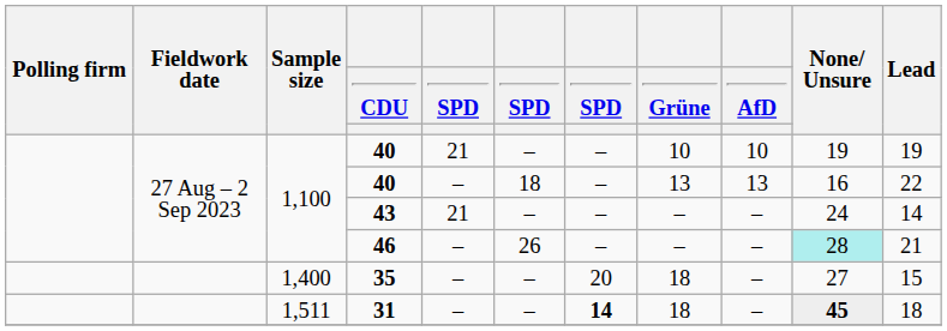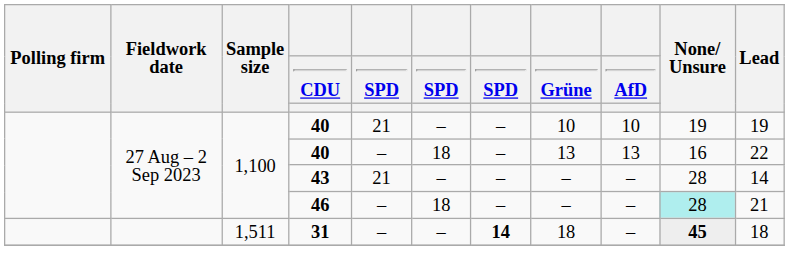 <table class="wikitable sortable" style="text-align:center;font-size:90%;line-height:14px;">
 <tr style="height:40px;">
 <th style="width:155px;" rowspan="3">Polling firm</th>
 <th style="width:120px;" rowspan="3">Fieldwork date</th>
 <th style="width:35px;" rowspan="3">Sample<br>size</th>
 <th class="unsortable" style="width:70px;"></th>
 <th class="unsortable" style="width:70px;"></th>
 <th class="unsortable" style="width:70px;"></th>
 <th class="unsortable" style="width:70px;"></th>
 <th class="unsortable" style="width:70px;"></th>
 <th class="unsortable" style="width:70px;"></th>
 <th class="unsortable" style="width:70px;" rowspan="3">None/<br>Unsure</th>
 <th style="width:30px;" rowspan="3">Lead</th>
 </tr>
 <tr>
 <th class="unsortable" style="width:40px;"><hr><a href='#'>CDU</a></th>
 <th class="unsortable" style="width:40px;"><hr><a href='#'>SPD</a></th>
 <th class="unsortable" style="width:40px;"><hr><a href='#'>SPD</a></th>
 <th class="unsortable" style="width:40px;"><hr><a href='#'>SPD</a></th>
 <th class="unsortable" style="width:40px;"><hr><a href='#'>Grüne</a></th>
 <th class="unsortable" style="width:40px;"><hr><a href='#'>AfD</a></th>
 </tr>
 <tr>
 <th style="background:"></th>
 <th style="background:"></th>
 <th style="background:"></th>
 <th style="background:"></th>
 <th style="background:"></th>
 <th style="background:"></th>
 </tr>
 <tr>
 <td rowspan=4></td>
 <td rowspan=4>27 Aug – 2 Sep 2023</td>
 <td rowspan=4>1,100</td>
 <td><strong>40</strong></td>
 <td>21</td>
 <td>–</td>
 <td>–</td>
 <td>10</td>
 <td>10</td>
 <td>19</td>
 <td style="background:">19</td>
 </tr>
 <tr>
 <td><strong>40</strong></td>
 <td>–</td>
 <td>18</td>
 <td>–</td>
 <td>13</td>
 <td>13</td>
 <td>16</td>
 <td style="background:">22</td>
 </tr>
 <tr>
 <td><strong>43</strong></td>
 <td>21</td>
 <td>–</td>
 <td>–</td>
 <td>–</td>
 <td>–</td>
-<td>24</td>
+<td>28</td>
 <td style="background:">14</td>
 </tr>
 <tr>
 <td><strong>46</strong></td>
 <td>–</td>
-<td>26</td>
+<td>18</td>
 <td>–</td>
 <td>–</td>
 <td>–</td>
 <td style="background: paleturquoise;">28</td>
 <td style="background:">21</td>
-</tr>
-<tr>
-<td></td>
-<td></td>
-<td>1,400</td>
-<td><strong>35</strong></td>
-<td>–</td>
-<td>–</td>
-<td>20</td>
-<td>18</td>
-<td>–</td>
-<td>27</td>
-<td style="background:">15</td>
 </tr>
 <tr>
 <td></td>
 <td></td>
 <td>1,511</td>
 <td><strong>31</strong></td>
 <td>–</td>
 <td>–</td>
 <td><strong>14</strong></td>
 <td>18</td>
 <td>–</td>
 <td style="background:#EEEEEE;"><strong>45</strong></td>
 <td style="background:">18</td>
 </tr>
 <tr>
 </tr>
 </table>
